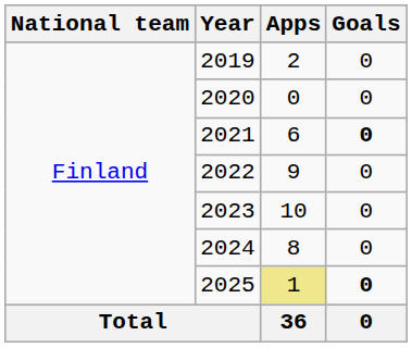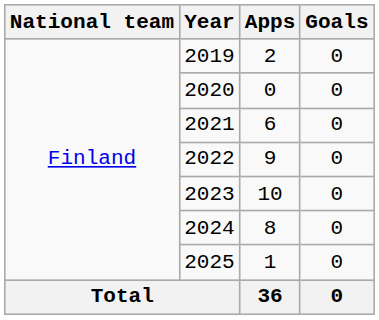 <table class="wikitable" style="text-align:center">
 <tr>
 <th>National team</th>
 <th>Year</th>
 <th>Apps</th>
 <th>Goals</th>
 </tr>
 <tr>
 <td rowspan=7><a href='#'>Finland</a></td>
 <td>2019</td>
 <td>2</td>
 <td>0</td>
 </tr>
 <tr>
 <td>2020</td>
 <td>0</td>
 <td>0</td>
 </tr>
 <tr>
 <td>2021</td>
 <td>6</td>
-<td><strong>0</strong></td>
+<td>0</td>
 </tr>
 <tr>
 <td>2022</td>
 <td>9</td>
 <td>0</td>
 </tr>
 <tr>
 <td>2023</td>
 <td>10</td>
 <td>0</td>
 </tr>
 <tr>
 <td>2024</td>
 <td>8</td>
 <td>0</td>
 </tr>
 <tr>
 <td>2025</td>
-<td style="background: khaki;">1</td>
-<td><strong>0</strong></td>
+<td>1</td>
+<td>0</td>
 </tr>
 <tr>
 <th colspan="2">Total</th>
 <th>36</th>
 <th>0</th>
 </tr>
 </table>
